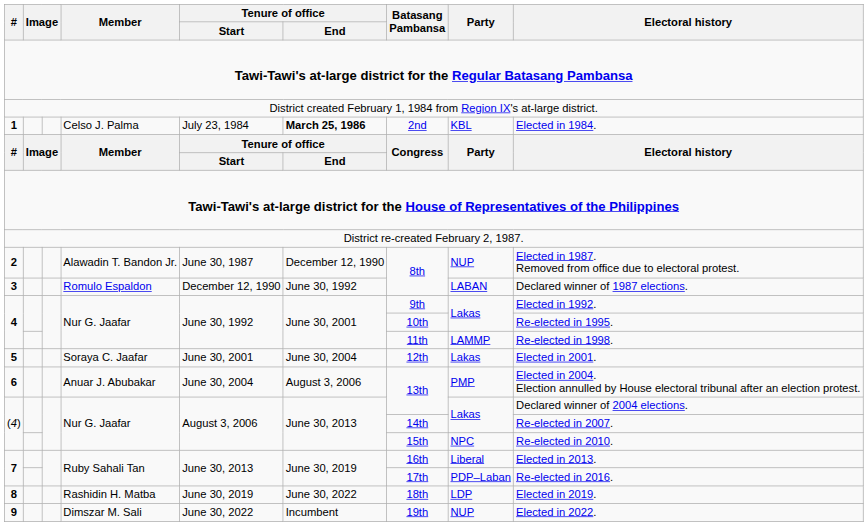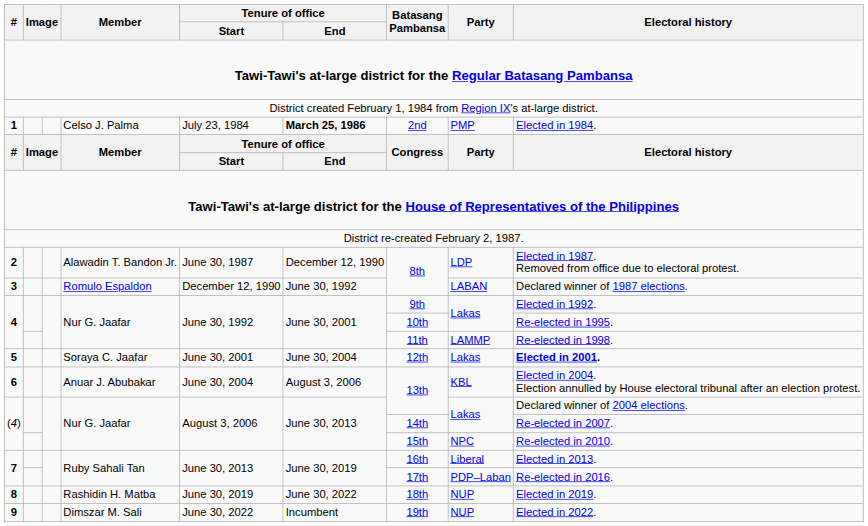 <table class=wikitable>
 <tr>
 <th rowspan="2">#</th>
 <th rowspan="2" colspan=2>Image</th>
 <th rowspan="2">Member</th>
 <th colspan=2>Tenure of office</th>
 <th rowspan="2">Batasang<br>Pambansa</th>
 <th rowspan="2">Party</th>
 <th rowspan="2">Electoral history</th>
 </tr>
 <tr>
 <th>Start</th>
 <th>End</th>
 </tr>
 <tr>
 <td colspan="9" style="text-align:center;"><br><h3>Tawi-Tawi's at-large district for the <a href='#'>Regular Batasang Pambansa</a></h3></td>
 </tr>
 <tr>
 <td colspan="9" style="text-align:center;">District created February 1, 1984 from <a href='#'>Region IX</a>'s at-large district.</td>
 </tr>
 <tr>
 <td style="text-align:center;"><strong>1</strong></td>
 <td style="color:inherit;background:"></td>
 <td></td>
 <td>Celso J. Palma</td>
 <td>July 23, 1984</td>
 <td><strong>March 25, 1986</strong></td>
 <td style="text-align:center;"><a href='#'>2nd</a></td>
-<td><a href='#'>KBL</a></td>
+<td><a href='#'>PMP</a></td>
 <td><a href='#'>Elected in 1984</a>.</td>
 </tr>
 <tr>
 <th rowspan="2">#</th>
 <th rowspan="2" colspan=2>Image</th>
 <th rowspan="2">Member</th>
 <th colspan=2>Tenure of office</th>
 <th rowspan="2">Congress</th>
 <th rowspan="2">Party</th>
 <th rowspan="2">Electoral history</th>
 </tr>
 <tr>
 <th>Start</th>
 <th>End</th>
 </tr>
 <tr>
 <td colspan="9" style="text-align:center;"><br><h3>Tawi-Tawi's at-large district for the <a href='#'>House of Representatives of the Philippines</a></h3></td>
 </tr>
 <tr>
 <td colspan="9" style="text-align:center;">District re-created February 2, 1987.</td>
 </tr>
 <tr>
 <td style="text-align:center;"><strong>2</strong></td>
 <td style="color:inherit;background:"></td>
 <td></td>
 <td>Alawadin T. Bandon Jr.</td>
 <td>June 30, 1987</td>
 <td>December 12, 1990</td>
 <td rowspan="2" style="text-align:center;"><a href='#'>8th</a></td>
-<td><a href='#'>NUP</a></td>
+<td><a href='#'>LDP</a></td>
 <td><a href='#'>Elected in 1987</a>.<br>Removed from office due to electoral protest.</td>
 </tr>
 <tr>
 <td style="text-align:center;"><strong>3</strong></td>
 <td style="color:inherit;background:"></td>
 <td></td>
 <td><a href='#'>Romulo Espaldon</a></td>
 <td>December 12, 1990</td>
 <td>June 30, 1992</td>
 <td><a href='#'>LABAN</a></td>
 <td>Declared winner of <a href='#'>1987 elections</a>.</td>
 </tr>
 <tr>
 <td rowspan="3" style="text-align:center;"><strong>4</strong></td>
 <td rowspan="2" style="color:inherit;background:"></td>
 <td rowspan="3"></td>
 <td rowspan="3">Nur G. Jaafar</td>
 <td rowspan="3">June 30, 1992</td>
 <td rowspan="3">June 30, 2001</td>
 <td style="text-align:center;"><a href='#'>9th</a></td>
 <td rowspan="2"><a href='#'>Lakas</a></td>
 <td><a href='#'>Elected in 1992</a>.</td>
 </tr>
 <tr>
 <td style="text-align:center;"><a href='#'>10th</a></td>
 <td><a href='#'>Re-elected in 1995</a>.</td>
 </tr>
 <tr>
 <td style="color:inherit;background:"></td>
 <td style="text-align:center;"><a href='#'>11th</a></td>
 <td><a href='#'>LAMMP</a></td>
 <td><a href='#'>Re-elected in 1998</a>.</td>
 </tr>
 <tr>
 <td style="text-align:center;"><strong>5</strong></td>
 <td style="color:inherit;background:"></td>
 <td></td>
 <td>Soraya C. Jaafar</td>
 <td>June 30, 2001</td>
 <td>June 30, 2004</td>
 <td style="text-align:center;"><a href='#'>12th</a></td>
 <td><a href='#'>Lakas</a></td>
-<td><a href='#'>Elected in 2001</a>.</td>
+<td><strong><a href='#'>Elected in 2001</a>.</strong></td>
 </tr>
 <tr>
 <td style="text-align:center;"><strong>6</strong></td>
 <td style="color:inherit;background:"></td>
 <td></td>
 <td>Anuar J. Abubakar</td>
 <td>June 30, 2004</td>
 <td>August 3, 2006</td>
 <td rowspan="2" style="text-align:center;"><a href='#'>13th</a></td>
-<td><a href='#'>PMP</a></td>
+<td><a href='#'>KBL</a></td>
 <td><a href='#'>Elected in 2004</a>.<br>Election annulled by House electoral tribunal after an election protest.</td>
 </tr>
 <tr>
 <td rowspan="3" style="text-align:center;">(<em>4</em>)</td>
 <td rowspan="2" style="color:inherit;background:"></td>
 <td rowspan="3"></td>
 <td rowspan="3">Nur G. Jaafar</td>
 <td rowspan="3">August 3, 2006</td>
 <td rowspan="3">June 30, 2013</td>
 <td rowspan="2"><a href='#'>Lakas</a></td>
 <td>Declared winner of <a href='#'>2004 elections</a>.</td>
 </tr>
 <tr>
 <td style="text-align:center;"><a href='#'>14th</a></td>
 <td><a href='#'>Re-elected in 2007</a>.</td>
 </tr>
 <tr>
 <td style="color:inherit;background:"></td>
 <td style="text-align:center;"><a href='#'>15th</a></td>
 <td><a href='#'>NPC</a></td>
 <td><a href='#'>Re-elected in 2010</a>.</td>
 </tr>
 <tr>
 <td rowspan="2" style="text-align:center;"><strong>7</strong></td>
 <td style="color:inherit;background:"></td>
 <td rowspan="2"></td>
 <td rowspan="2">Ruby Sahali Tan</td>
 <td rowspan="2">June 30, 2013</td>
 <td rowspan="2">June 30, 2019</td>
 <td style="text-align:center;"><a href='#'>16th</a></td>
 <td><a href='#'>Liberal</a></td>
 <td><a href='#'>Elected in 2013</a>.</td>
 </tr>
 <tr>
 <td style="color:inherit;background:"></td>
 <td style="text-align:center;"><a href='#'>17th</a></td>
 <td><a href='#'>PDP–Laban</a></td>
 <td><a href='#'>Re-elected in 2016</a>.</td>
 </tr>
 <tr>
 <td style="text-align:center;"><strong>8</strong></td>
 <td style="color:inherit;background:"></td>
 <td></td>
 <td>Rashidin H. Matba</td>
 <td>June 30, 2019</td>
 <td>June 30, 2022</td>
 <td style="text-align:center;"><a href='#'>18th</a></td>
-<td><a href='#'>LDP</a></td>
+<td><a href='#'>NUP</a></td>
 <td><a href='#'>Elected in 2019</a>.</td>
 </tr>
 <tr>
 <td style="text-align:center;"><strong>9</strong></td>
 <td style="color:inherit;background:"></td>
 <td></td>
 <td>Dimszar M. Sali</td>
 <td>June 30, 2022</td>
 <td>Incumbent</td>
 <td style="text-align:center;"><a href='#'>19th</a></td>
 <td><a href='#'>NUP</a></td>
 <td><a href='#'>Elected in 2022</a>.</td>
 </tr>
 </table>
